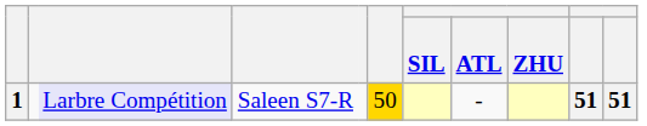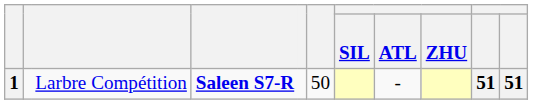 <table class="wikitable" style="text-align:center; font-size:90%">
 <tr>
 <th rowspan=2></th>
 <th rowspan=2 colspan=2></th>
 <th rowspan=2 style="border-right:0px"></th>
 <th rowspan=2 style="border-left:0px"></th>
 <th rowspan=2></th>
 <th colspan=3></th>
 <th colspan=2></th>
 </tr>
 <tr>
 <th><br><a href='#'>SIL</a></th>
 <th><br><a href='#'>ATL</a></th>
 <th><br><a href='#'>ZHU</a></th>
 <th></th>
 <th></th>
 </tr>
 <tr>
 <th>1</th>
 <td style="border-right:0px"></td>
-<td align=left style="background: lavender; border-left:0px"><a href='#'>Larbre Compétition</a></td>
-<td align=left style="border-right:0px"><a href='#'>Saleen S7-R</a></td>
+<td align=left style="border-left:0px"><a href='#'>Larbre Compétition</a></td>
+<td align=left style="border-right:0px"><strong><a href='#'>Saleen S7-R</a></strong></td>
 <td style="border-left:0px"></td>
-<td style="background: gold;">50</td>
+<td>50</td>
 <td style="background:#FFFFbF;"></td>
 <td>-</td>
 <td style="background:#FFFFbF;"></td>
 <th>51</th>
 <th>51</th>
 </tr>
 </table>
